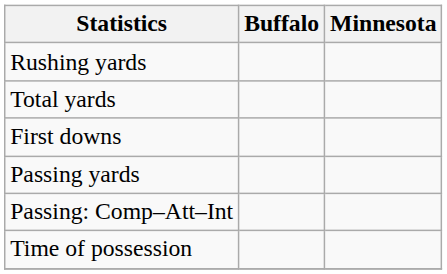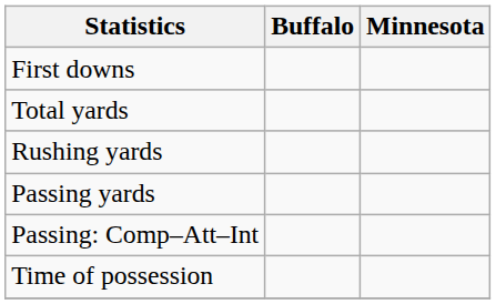 <table class="wikitable" style="float: left;">
 <tr>
 <th>Statistics</th>
 <th>Buffalo</th>
 <th>Minnesota</th>
 </tr>
 <tr>
-<td>Rushing yards</td>
+<td>First downs</td>
 <td></td>
 <td></td>
 </tr>
 <tr>
 <td>Total yards</td>
 <td></td>
 <td></td>
 </tr>
 <tr>
-<td>First downs</td>
+<td>Rushing yards</td>
 <td></td>
 <td></td>
 </tr>
 <tr>
 <td>Passing yards</td>
 <td></td>
 <td></td>
 </tr>
 <tr>
 <td>Passing: Comp–Att–Int</td>
 <td></td>
 <td></td>
 </tr>
 <tr>
 <td>Time of possession</td>
 <td></td>
 <td></td>
 </tr>
 <tr>
 </tr>
 </table>
